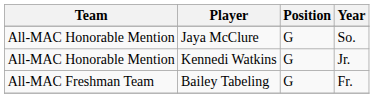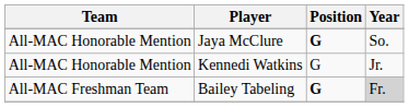 <table class="wikitable" border="1">
 <tr align=center>
 <th style= >Team</th>
 <th style= >Player</th>
 <th style= >Position</th>
 <th style= >Year</th>
 </tr>
 <tr align="center">
 </tr>
 <tr>
 <td>All-MAC Honorable Mention</td>
 <td>Jaya McClure</td>
-<td>G</td>
+<td><strong>G</strong></td>
 <td>So.</td>
 </tr>
 <tr>
 <td>All-MAC Honorable Mention</td>
 <td>Kennedi Watkins</td>
 <td>G</td>
 <td>Jr.</td>
 </tr>
 <tr>
 <td>All-MAC Freshman Team</td>
 <td>Bailey Tabeling</td>
-<td>G</td>
-<td>Fr.</td>
+<td><strong>G</strong></td>
+<td style="background: lightgrey;">Fr.</td>
 </tr>
 <tr>
 </tr>
 </table>
